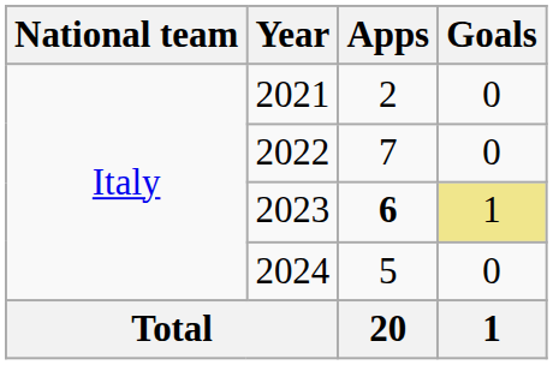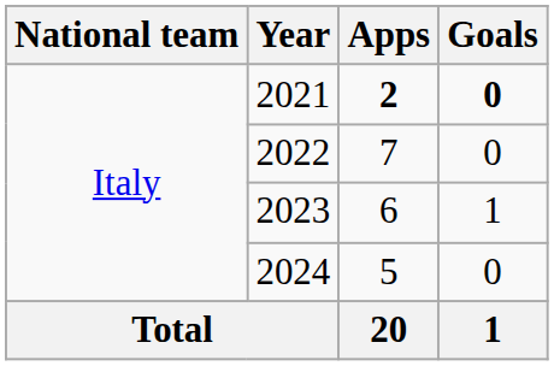 <table class="wikitable" style="text-align:center">
 <tr>
 <th>National team</th>
 <th>Year</th>
 <th>Apps</th>
 <th>Goals</th>
 </tr>
 <tr>
 <td rowspan="4"><a href='#'>Italy</a></td>
 <td>2021</td>
-<td>2</td>
-<td>0</td>
+<td><strong>2</strong></td>
+<td><strong>0</strong></td>
 </tr>
 <tr>
 <td>2022</td>
 <td>7</td>
 <td>0</td>
 </tr>
 <tr>
 <td>2023</td>
-<td><strong>6</strong></td>
-<td style="background: khaki;">1</td>
+<td>6</td>
+<td>1</td>
 </tr>
 <tr>
 <td>2024</td>
 <td>5</td>
 <td>0</td>
 </tr>
 <tr>
 <th colspan="2">Total</th>
 <th>20</th>
 <th>1</th>
 </tr>
 </table>
